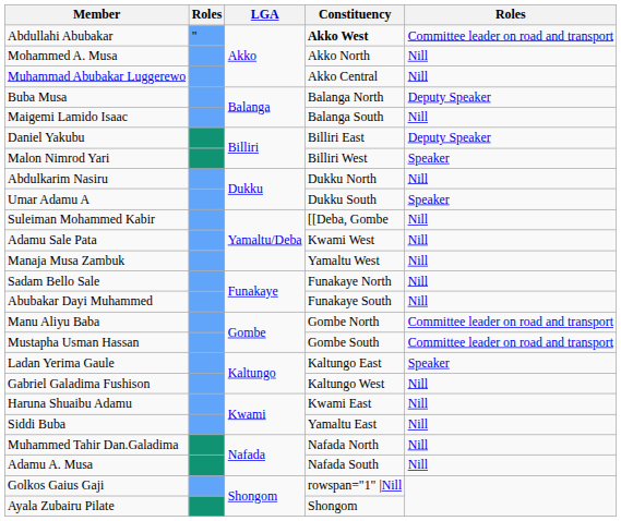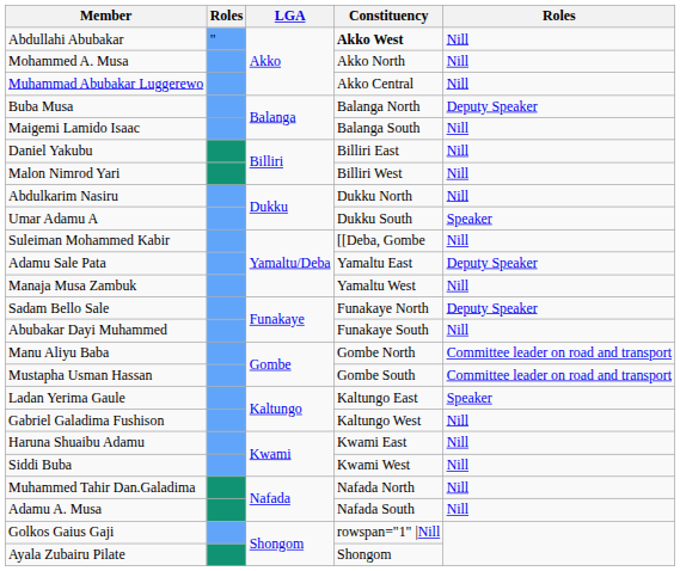 <table class="wikitable sortable">
 <tr>
 <th>Member</th>
 <th>Roles</th>
 <th><a href='#'>LGA</a></th>
 <th>Constituency</th>
 <th>Roles</th>
 </tr>
 <tr>
 <td>Abdullahi Abubakar</td>
 <td style="background: #60A5FA; color: black; vertical-align: middle; text-align: ">"</td>
 <td rowspan="3"><a href='#'>Akko</a></td>
 <td><strong>Akko West</strong></td>
-<td rowspan="1"><a href='#'>Committee leader on road and transport</a></td>
+<td rowspan="1"><a href='#'>Nill</a></td>
 </tr>
 <tr>
 <td>Mohammed A. Musa</td>
 <td style="background: #60A5FA; color: black; vertical-align: middle; text-align: "></td>
 <td>Akko North</td>
 <td rowspan="1"><a href='#'>Nill</a></td>
 </tr>
 <tr>
 <td><a href='#'>Muhammad Abubakar Luggerewo</a></td>
 <td style="background: #60A5FA; color: black; vertical-align: middle; text-align: "></td>
 <td>Akko Central</td>
 <td rowspan="1"><a href='#'>Nill</a></td>
 </tr>
 <tr>
 <td>Buba Musa</td>
 <td style="background: #60A5FA; color: black; vertical-align: middle; text-align: "></td>
 <td rowspan="2"><a href='#'>Balanga</a></td>
 <td>Balanga North</td>
 <td rowspan="1"><a href='#'>Deputy Speaker</a></td>
 </tr>
 <tr>
 <td>Maigemi Lamido Isaac</td>
 <td style="background: #60A5FA; color: black; vertical-align: middle; text-align: "></td>
 <td>Balanga South</td>
 <td rowspan="1"><a href='#'>Nill</a></td>
 </tr>
 <tr>
 <td>Daniel Yakubu</td>
 <td style="background: #109373; color: black; vertical-align: middle; text-align: "></td>
 <td rowspan="2"><a href='#'>Billiri</a></td>
 <td>Billiri East</td>
-<td rowspan="1"><a href='#'>Deputy Speaker</a></td>
+<td rowspan="1"><a href='#'>Nill</a></td>
 </tr>
 <tr>
 <td>Malon Nimrod Yari</td>
 <td style="background: #109373; color: black; vertical-align: middle; text-align: "></td>
 <td>Billiri West</td>
-<td rowspan="1"><a href='#'>Speaker</a></td>
+<td rowspan="1"><a href='#'>Nill</a></td>
 </tr>
 <tr>
 <td>Abdulkarim Nasiru</td>
 <td style="background: #60A5FA; color: black; vertical-align: middle; text-align: "></td>
 <td rowspan="2"><a href='#'>Dukku</a></td>
 <td>Dukku North</td>
 <td rowspan="1"><a href='#'>Nill</a></td>
 </tr>
 <tr>
 <td>Umar Adamu A</td>
 <td style="background: #60A5FA; color: black; vertical-align: middle; text-align: "></td>
 <td>Dukku South</td>
 <td rowspan="1"><a href='#'>Speaker</a></td>
 </tr>
 <tr>
 <td>Suleiman Mohammed Kabir</td>
 <td style="background: #60A5FA; color: black; vertical-align: middle; text-align: "></td>
 <td rowspan="3"><a href='#'>Yamaltu/Deba</a></td>
 <td>[[Deba, Gombe</td>
 <td rowspan="1"><a href='#'>Nill</a></td>
 </tr>
 <tr>
 <td>Adamu Sale Pata</td>
 <td style="background: #60A5FA; color: black; vertical-align: middle; text-align: "></td>
-<td>Kwami West</td>
-<td rowspan="1"><a href='#'>Nill</a></td>
+<td>Yamaltu East</td>
+<td rowspan="1"><a href='#'>Deputy Speaker</a></td>
 </tr>
 <tr>
 <td>Manaja Musa Zambuk</td>
 <td style="background: #60A5FA; color: black; vertical-align: middle; text-align: "></td>
 <td>Yamaltu West</td>
 <td rowspan="1"><a href='#'>Nill</a></td>
 </tr>
 <tr>
 <td>Sadam Bello Sale</td>
 <td style="background: #60A5FA; color: black; vertical-align: middle; text-align: "></td>
 <td rowspan="2"><a href='#'>Funakaye</a></td>
 <td>Funakaye North</td>
-<td rowspan="1"><a href='#'>Nill</a></td>
+<td rowspan="1"><a href='#'>Deputy Speaker</a></td>
 </tr>
 <tr>
 <td>Abubakar Dayi Muhammed</td>
 <td style="background: #60A5FA; color: black; vertical-align: middle; text-align: "></td>
 <td>Funakaye South</td>
 <td rowspan="1"><a href='#'>Nill</a></td>
 </tr>
 <tr>
 <td>Manu Aliyu Baba</td>
 <td style="background: #60A5FA; color: black; vertical-align: middle; text-align: "></td>
 <td rowspan="2"><a href='#'>Gombe</a></td>
 <td>Gombe North</td>
 <td rowspan="1"><a href='#'>Committee leader on road and transport</a></td>
 </tr>
 <tr>
 <td>Mustapha Usman Hassan</td>
 <td style="background: #60A5FA; color: black; vertical-align: middle; text-align: "></td>
 <td>Gombe South</td>
 <td rowspan="1"><a href='#'>Committee leader on road and transport</a></td>
 </tr>
 <tr>
 <td>Ladan Yerima Gaule</td>
 <td style="background: #60A5FA; color: black; vertical-align: middle; text-align: "></td>
 <td rowspan="2"><a href='#'>Kaltungo</a></td>
 <td>Kaltungo East</td>
 <td rowspan="1"><a href='#'>Speaker</a></td>
 </tr>
 <tr>
 <td>Gabriel Galadima Fushison</td>
 <td style="background: #60A5FA; color: black; vertical-align: middle; text-align: "></td>
 <td>Kaltungo West</td>
 <td rowspan="1"><a href='#'>Nill</a></td>
 </tr>
 <tr>
 <td>Haruna Shuaibu Adamu</td>
 <td style="background: #60A5FA; color: black; vertical-align: middle; text-align: "></td>
 <td rowspan="2"><a href='#'>Kwami</a></td>
 <td>Kwami East</td>
 <td rowspan="1"><a href='#'>Nill</a></td>
 </tr>
 <tr>
 <td>Siddi Buba</td>
 <td style="background: #60A5FA; color: black; vertical-align: middle; text-align: "></td>
-<td>Yamaltu East</td>
+<td>Kwami West</td>
 <td rowspan="1"><a href='#'>Nill</a></td>
 </tr>
 <tr>
 <td>Muhammed Tahir Dan.Galadima</td>
 <td style="background: #109373; color: black; vertical-align: middle; text-align: "></td>
 <td rowspan="2"><a href='#'>Nafada</a></td>
 <td>Nafada North</td>
 <td rowspan="1"><a href='#'>Nill</a></td>
 </tr>
 <tr>
 <td>Adamu A. Musa</td>
 <td style="background: #109373; color: black; vertical-align: middle; text-align: "></td>
 <td>Nafada South</td>
 <td rowspan="1"><a href='#'>Nill</a></td>
 </tr>
 <tr>
 <td>Golkos Gaius Gaji</td>
 <td style="background: #60A5FA; color: black; vertical-align: middle; text-align: "></td>
 <td rowspan="2"><a href='#'>Shongom</a></td>
 <td Pero/Chonge>rowspan="1" |<a href='#'>Nill</a></td>
 </tr>
 <tr>
 <td>Ayala Zubairu Pilate</td>
 <td style="background: #109373; color: black; vertical-align: middle; text-align: "></td>
 <td>Shongom</td>
 </tr>
 </table>
